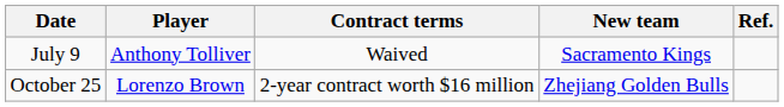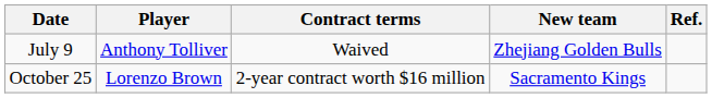 <table class="wikitable sortable sortable">
 <tr>
 <th>Date</th>
 <th>Player</th>
 <th>Contract terms</th>
 <th>New team</th>
 <th>Ref.</th>
 </tr>
 <tr style="text-align: center">
 <td>July 9</td>
 <td><a href='#'>Anthony Tolliver</a></td>
 <td>Waived</td>
-<td><a href='#'>Sacramento Kings</a></td>
+<td><a href='#'>Zhejiang Golden Bulls</a></td>
 <td></td>
 </tr>
 <tr style="text-align: center">
 <td>October 25</td>
 <td><a href='#'>Lorenzo Brown</a></td>
 <td>2-year contract worth $16 million</td>
-<td><a href='#'>Zhejiang Golden Bulls</a></td>
+<td><a href='#'>Sacramento Kings</a></td>
 <td></td>
 </tr>
 </table>
